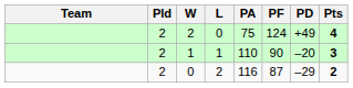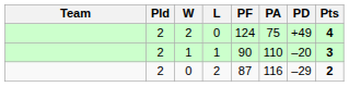 <table class="wikitable" style="text-align:center;">
 <tr>
 <th width=180>Team</th>
 <th width=30>Pld</th>
 <th width=30>W</th>
 <th width=30>L</th>
+<th width=30>PF</th>
 <th width=30>PA</th>
-<th width=30>PF</th>
 <th width=30>PD</th>
 <th width=30>Pts</th>
 </tr>
 <tr bgcolor=#ccffcc>
 <td align=left></td>
 <td>2</td>
 <td>2</td>
 <td>0</td>
+<td>124</td>
 <td>75</td>
-<td>124</td>
 <td>+49</td>
 <td><strong>4</strong></td>
 </tr>
 <tr bgcolor=#ccffcc>
 <td align=left></td>
 <td>2</td>
 <td>1</td>
 <td>1</td>
+<td>90</td>
 <td>110</td>
-<td>90</td>
 <td>–20</td>
 <td><strong>3</strong></td>
 </tr>
 <tr>
 <td align=left></td>
 <td>2</td>
 <td>0</td>
 <td>2</td>
+<td>87</td>
 <td>116</td>
-<td>87</td>
 <td>–29</td>
 <td><strong>2</strong></td>
 </tr>
 </table>
